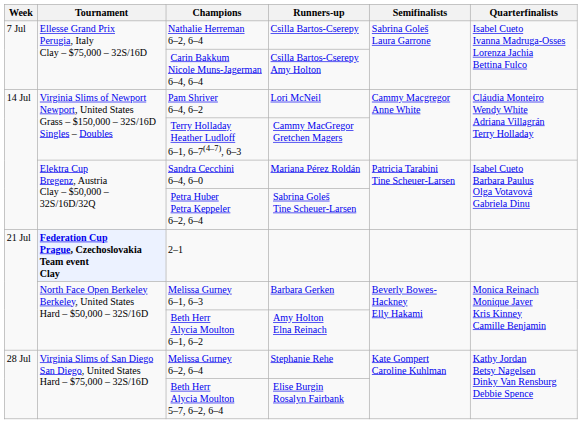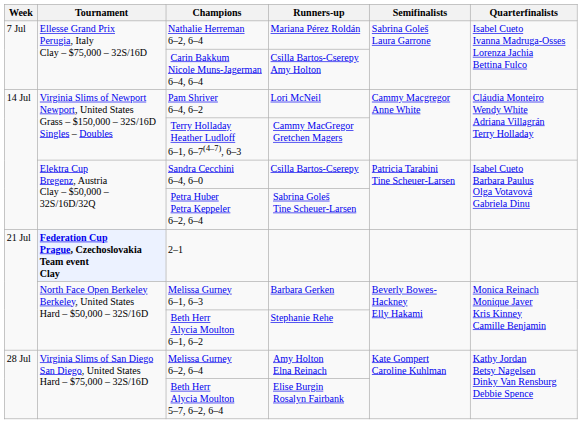 <table class=wikitable style=font-size:95%>
 <tr>
 <th style="width:48px;">Week</th>
 <th style="width:248px;">Tournament</th>
 <th style="width:200px;">Champions</th>
 <th style="width:200px;">Runners-up</th>
 <th style="width:190px;">Semifinalists</th>
 <th style="width:190px;">Quarterfinalists</th>
 </tr>
 <tr valign="top">
 <td rowspan=2>7 Jul</td>
 <td rowspan=2><a href='#'>Ellesse Grand Prix</a><br> <a href='#'>Perugia</a>, Italy<br>Clay – $75,000 – 32S/16D</td>
 <td> <a href='#'>Nathalie Herreman</a><br>6–2, 6–4</td>
-<td> <a href='#'>Csilla Bartos-Cserepy</a></td>
+<td> <a href='#'>Mariana Pérez Roldán</a></td>
 <td rowspan=2> <a href='#'>Sabrina Goleš</a> <br> <a href='#'>Laura Garrone</a></td>
 <td rowspan=2> <a href='#'>Isabel Cueto</a>  <br> <a href='#'>Ivanna Madruga-Osses</a> <br> <a href='#'>Lorenza Jachia</a> <br> <a href='#'>Bettina Fulco</a></td>
 </tr>
 <tr valign="top">
 <td> <a href='#'>Carin Bakkum</a> <br> <a href='#'>Nicole Muns-Jagerman</a><br>6–4, 6–4</td>
 <td> <a href='#'>Csilla Bartos-Cserepy</a> <br> <a href='#'>Amy Holton</a></td>
 </tr>
 <tr valign="top">
 <td rowspan=4>14 Jul</td>
 <td rowspan=2><a href='#'>Virginia Slims of Newport</a><br> <a href='#'>Newport</a>, United States<br>Grass – $150,000 – 32S/16D <br><a href='#'>Singles</a> – <a href='#'>Doubles</a></td>
 <td> <a href='#'>Pam Shriver</a><br>6–4, 6–2</td>
 <td> <a href='#'>Lori McNeil</a></td>
 <td rowspan=2> <a href='#'>Cammy Macgregor</a> <br> <a href='#'>Anne White</a></td>
 <td rowspan=2> <a href='#'>Cláudia Monteiro</a> <br> <a href='#'>Wendy White</a> <br> <a href='#'>Adriana Villagrán</a> <br> <a href='#'>Terry Holladay</a></td>
 </tr>
 <tr valign="top">
 <td> <a href='#'>Terry Holladay</a><br> <a href='#'>Heather Ludloff</a><br>6–1, 6–7<sup>(4–7)</sup>, 6–3</td>
 <td> <a href='#'>Cammy MacGregor</a><br> <a href='#'>Gretchen Magers</a></td>
 </tr>
 <tr valign="top">
 <td rowspan=2><a href='#'>Elektra Cup</a><br> <a href='#'>Bregenz</a>, Austria<br>Clay – $50,000 – 32S/16D/32Q</td>
 <td> <a href='#'>Sandra Cecchini</a><br>6–4, 6–0</td>
-<td> <a href='#'>Mariana Pérez Roldán</a></td>
+<td> <a href='#'>Csilla Bartos-Cserepy</a></td>
 <td rowspan=2> <a href='#'>Patricia Tarabini</a> <br> <a href='#'>Tine Scheuer-Larsen</a></td>
 <td rowspan=2> <a href='#'>Isabel Cueto</a> <br> <a href='#'>Barbara Paulus</a> <br> <a href='#'>Olga Votavová</a> <br> <a href='#'>Gabriela Dinu</a></td>
 </tr>
 <tr valign="top">
 <td> <a href='#'>Petra Huber</a><br> <a href='#'>Petra Keppeler</a><br>6–2, 6–4</td>
 <td> <a href='#'>Sabrina Goleš</a><br> <a href='#'>Tine Scheuer-Larsen</a></td>
 </tr>
 <tr valign=top>
 <td rowspan=3>21 Jul</td>
 <td style="background:#ECF2FF;"><strong><a href='#'>Federation Cup</a><br> <a href='#'>Prague</a>, Czechoslovakia<br>Team event<br>Clay<br></strong></td>
 <td> <br> 2–1</td>
 <td> <br></td>
 <td> <br> <br></td>
 <td> <br> <br> <br></td>
 </tr>
 <tr valign="top">
 <td rowspan=2><a href='#'>North Face Open Berkeley</a><br> <a href='#'>Berkeley</a>, United States<br>Hard – $50,000 – 32S/16D</td>
 <td> <a href='#'>Melissa Gurney</a><br>6–1, 6–3</td>
 <td> <a href='#'>Barbara Gerken</a></td>
 <td rowspan=2> <a href='#'>Beverly Bowes-Hackney</a> <br> <a href='#'>Elly Hakami</a></td>
 <td rowspan=2> <a href='#'>Monica Reinach</a>  <br> <a href='#'>Monique Javer</a> <br> <a href='#'>Kris Kinney</a> <br>  <a href='#'>Camille Benjamin</a></td>
 </tr>
 <tr valign="top">
 <td> <a href='#'>Beth Herr</a><br> <a href='#'>Alycia Moulton</a><br>6–1, 6–2</td>
-<td> <a href='#'>Amy Holton</a><br> <a href='#'>Elna Reinach</a></td>
+<td> <a href='#'>Stephanie Rehe</a></td>
 </tr>
 <tr valign="top">
 <td rowspan=2>28 Jul</td>
 <td rowspan=2><a href='#'>Virginia Slims of San Diego</a><br> <a href='#'>San Diego</a>, United States<br>Hard – $75,000 – 32S/16D</td>
 <td> <a href='#'>Melissa Gurney</a><br>6–2, 6–4</td>
-<td> <a href='#'>Stephanie Rehe</a></td>
+<td> <a href='#'>Amy Holton</a><br> <a href='#'>Elna Reinach</a></td>
 <td rowspan=2> <a href='#'>Kate Gompert</a> <br> <a href='#'>Caroline Kuhlman</a></td>
 <td rowspan=2> <a href='#'>Kathy Jordan</a>  <br> <a href='#'>Betsy Nagelsen</a> <br> <a href='#'>Dinky Van Rensburg</a> <br> <a href='#'>Debbie Spence</a></td>
 </tr>
 <tr valign="top">
 <td> <a href='#'>Beth Herr</a><br> <a href='#'>Alycia Moulton</a><br>5–7, 6–2, 6–4</td>
 <td> <a href='#'>Elise Burgin</a><br> <a href='#'>Rosalyn Fairbank</a></td>
 </tr>
 </table>
